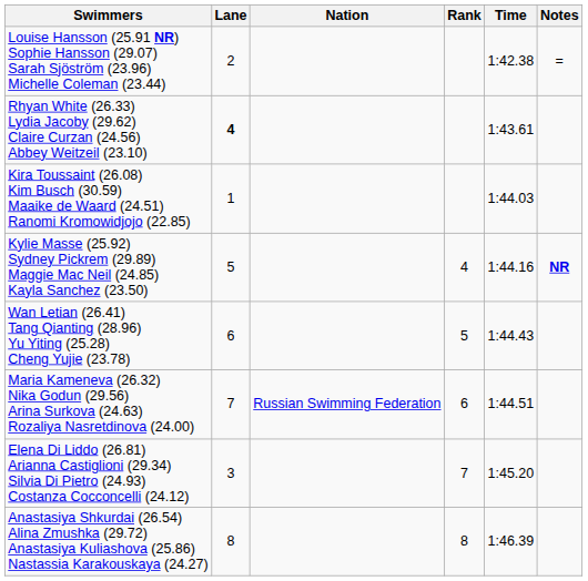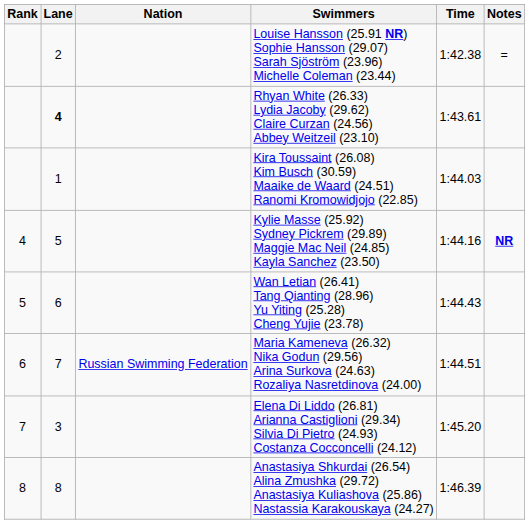 <table class="wikitable sortable" style="text-align:center">
 <tr>
-<th>Swimmers</th>
+<th>Rank</th>
 <th>Lane</th>
 <th>Nation</th>
-<th>Rank</th>
+<th>Swimmers</th>
 <th>Time</th>
 <th>Notes</th>
 </tr>
 <tr>
-<td align=left><a href='#'>Louise Hansson</a> (25.91 <strong><a href='#'>NR</a></strong>)<br><a href='#'>Sophie Hansson</a> (29.07)<br><a href='#'>Sarah Sjöström</a> (23.96)<br><a href='#'>Michelle Coleman</a> (23.44)</td>
+<td></td>
 <td>2</td>
 <td align=left></td>
-<td></td>
+<td align=left><a href='#'>Louise Hansson</a> (25.91 <strong><a href='#'>NR</a></strong>)<br><a href='#'>Sophie Hansson</a> (29.07)<br><a href='#'>Sarah Sjöström</a> (23.96)<br><a href='#'>Michelle Coleman</a> (23.44)</td>
 <td>1:42.38</td>
 <td>=</td>
 </tr>
 <tr>
-<td align=left><a href='#'>Rhyan White</a> (26.33)<br><a href='#'>Lydia Jacoby</a> (29.62)<br><a href='#'>Claire Curzan</a> (24.56)<br><a href='#'>Abbey Weitzeil</a> (23.10)</td>
+<td></td>
 <td><strong>4</strong></td>
 <td align=left></td>
-<td></td>
+<td align=left><a href='#'>Rhyan White</a> (26.33)<br><a href='#'>Lydia Jacoby</a> (29.62)<br><a href='#'>Claire Curzan</a> (24.56)<br><a href='#'>Abbey Weitzeil</a> (23.10)</td>
 <td>1:43.61</td>
 <td></td>
 </tr>
 <tr>
-<td align=left><a href='#'>Kira Toussaint</a> (26.08)<br><a href='#'>Kim Busch</a> (30.59)<br><a href='#'>Maaike de Waard</a> (24.51)<br><a href='#'>Ranomi Kromowidjojo</a> (22.85)</td>
+<td></td>
 <td>1</td>
 <td align=left></td>
-<td></td>
+<td align=left><a href='#'>Kira Toussaint</a> (26.08)<br><a href='#'>Kim Busch</a> (30.59)<br><a href='#'>Maaike de Waard</a> (24.51)<br><a href='#'>Ranomi Kromowidjojo</a> (22.85)</td>
 <td>1:44.03</td>
 <td></td>
 </tr>
 <tr>
-<td align=left><a href='#'>Kylie Masse</a> (25.92)<br><a href='#'>Sydney Pickrem</a> (29.89)<br><a href='#'>Maggie Mac Neil</a> (24.85)<br><a href='#'>Kayla Sanchez</a> (23.50)</td>
+<td>4</td>
 <td>5</td>
 <td align=left></td>
-<td>4</td>
+<td align=left><a href='#'>Kylie Masse</a> (25.92)<br><a href='#'>Sydney Pickrem</a> (29.89)<br><a href='#'>Maggie Mac Neil</a> (24.85)<br><a href='#'>Kayla Sanchez</a> (23.50)</td>
 <td>1:44.16</td>
 <td><strong><a href='#'>NR</a></strong></td>
 </tr>
 <tr>
-<td align=left><a href='#'>Wan Letian</a> (26.41)<br><a href='#'>Tang Qianting</a> (28.96)<br><a href='#'>Yu Yiting</a> (25.28)<br><a href='#'>Cheng Yujie</a> (23.78)</td>
+<td>5</td>
 <td>6</td>
 <td align=left></td>
-<td>5</td>
+<td align=left><a href='#'>Wan Letian</a> (26.41)<br><a href='#'>Tang Qianting</a> (28.96)<br><a href='#'>Yu Yiting</a> (25.28)<br><a href='#'>Cheng Yujie</a> (23.78)</td>
 <td>1:44.43</td>
 <td></td>
 </tr>
 <tr>
-<td align=left><a href='#'>Maria Kameneva</a> (26.32)<br><a href='#'>Nika Godun</a> (29.56)<br><a href='#'>Arina Surkova</a> (24.63)<br><a href='#'>Rozaliya Nasretdinova</a> (24.00)</td>
+<td>6</td>
 <td>7</td>
 <td align=left> <a href='#'>Russian Swimming Federation</a></td>
-<td>6</td>
+<td align=left><a href='#'>Maria Kameneva</a> (26.32)<br><a href='#'>Nika Godun</a> (29.56)<br><a href='#'>Arina Surkova</a> (24.63)<br><a href='#'>Rozaliya Nasretdinova</a> (24.00)</td>
 <td>1:44.51</td>
 <td></td>
 </tr>
 <tr>
-<td align=left><a href='#'>Elena Di Liddo</a> (26.81)<br><a href='#'>Arianna Castiglioni</a> (29.34)<br><a href='#'>Silvia Di Pietro</a> (24.93)<br><a href='#'>Costanza Cocconcelli</a> (24.12)</td>
+<td>7</td>
 <td>3</td>
 <td align=left></td>
-<td>7</td>
+<td align=left><a href='#'>Elena Di Liddo</a> (26.81)<br><a href='#'>Arianna Castiglioni</a> (29.34)<br><a href='#'>Silvia Di Pietro</a> (24.93)<br><a href='#'>Costanza Cocconcelli</a> (24.12)</td>
 <td>1:45.20</td>
 <td></td>
 </tr>
 <tr>
-<td align=left><a href='#'>Anastasiya Shkurdai</a> (26.54)<br><a href='#'>Alina Zmushka</a> (29.72)<br><a href='#'>Anastasiya Kuliashova</a> (25.86)<br><a href='#'>Nastassia Karakouskaya</a> (24.27)</td>
+<td>8</td>
 <td>8</td>
 <td align=left></td>
-<td>8</td>
+<td align=left><a href='#'>Anastasiya Shkurdai</a> (26.54)<br><a href='#'>Alina Zmushka</a> (29.72)<br><a href='#'>Anastasiya Kuliashova</a> (25.86)<br><a href='#'>Nastassia Karakouskaya</a> (24.27)</td>
 <td>1:46.39</td>
 <td></td>
 </tr>
 </table>
